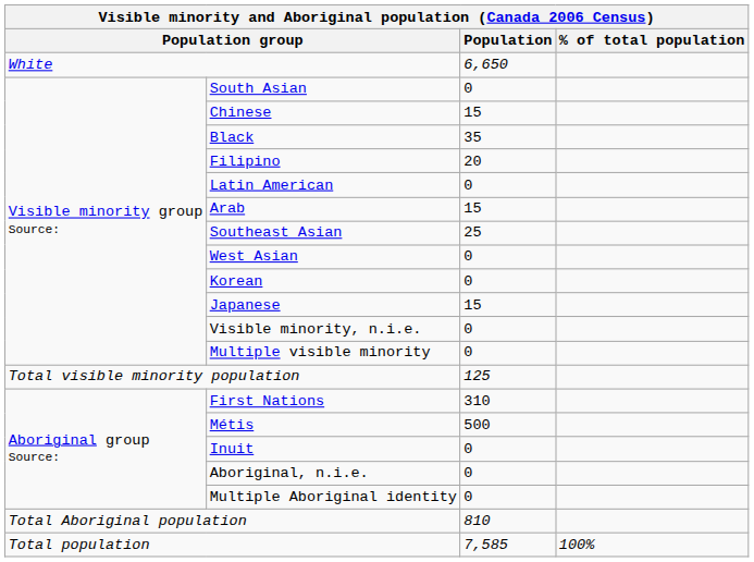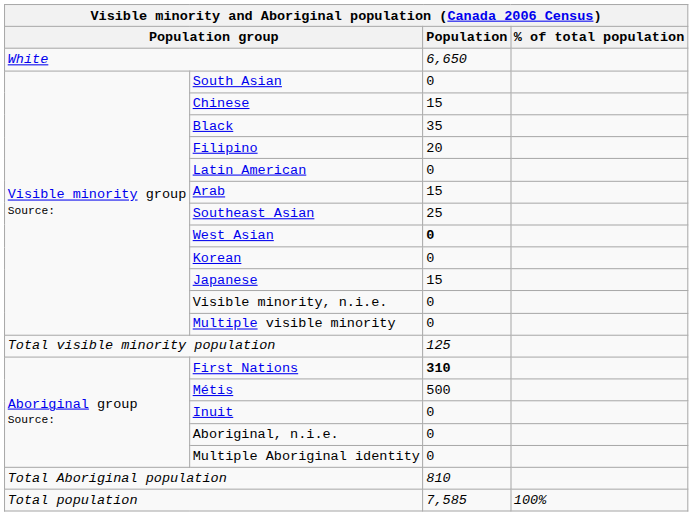 <table class="wikitable">
 <tr>
 <th colspan=4>Visible minority and Aboriginal population (<a href='#'>Canada 2006 Census</a>)</th>
 </tr>
 <tr>
 <th colspan=2>Population group</th>
 <th>Population</th>
 <th>% of total population</th>
 </tr>
 <tr>
 <td colspan=2><em><a href='#'>White</a></em></td>
 <td><em>6,650</em></td>
 <td><em></em></td>
 </tr>
 <tr>
 <td rowspan=12><a href='#'>Visible minority</a> group<br><small>Source:</small></td>
 <td><a href='#'>South Asian</a></td>
 <td>0</td>
 <td></td>
 </tr>
 <tr>
 <td><a href='#'>Chinese</a></td>
 <td>15</td>
 <td></td>
 </tr>
 <tr>
 <td><a href='#'>Black</a></td>
 <td>35</td>
 <td></td>
 </tr>
 <tr>
 <td><a href='#'>Filipino</a></td>
 <td>20</td>
 <td></td>
 </tr>
 <tr>
 <td><a href='#'>Latin American</a></td>
 <td>0</td>
 <td></td>
 </tr>
 <tr>
 <td><a href='#'>Arab</a></td>
 <td>15</td>
 <td></td>
 </tr>
 <tr>
 <td><a href='#'>Southeast Asian</a></td>
 <td>25</td>
 <td></td>
 </tr>
 <tr>
 <td><a href='#'>West Asian</a></td>
-<td>0</td>
+<td><strong>0</strong></td>
 <td></td>
 </tr>
 <tr>
 <td><a href='#'>Korean</a></td>
 <td>0</td>
 <td></td>
 </tr>
 <tr>
 <td><a href='#'>Japanese</a></td>
 <td>15</td>
 <td></td>
 </tr>
 <tr>
 <td>Visible minority, n.i.e.</td>
 <td>0</td>
 <td></td>
 </tr>
 <tr>
 <td><a href='#'>Multiple</a> visible minority</td>
 <td>0</td>
 <td></td>
 </tr>
 <tr>
 <td colspan=2><em>Total visible minority population</em></td>
 <td><em>125</em></td>
 <td><em></em></td>
 </tr>
 <tr>
 <td rowspan=5><a href='#'>Aboriginal</a> group<br><small>Source:</small></td>
 <td><a href='#'>First Nations</a></td>
-<td>310</td>
+<td><strong>310</strong></td>
 <td></td>
 </tr>
 <tr>
 <td><a href='#'>Métis</a></td>
 <td>500</td>
 <td></td>
 </tr>
 <tr>
 <td><a href='#'>Inuit</a></td>
 <td>0</td>
 <td></td>
 </tr>
 <tr>
 <td>Aboriginal, n.i.e.</td>
 <td>0</td>
 <td></td>
 </tr>
 <tr>
 <td>Multiple Aboriginal identity</td>
 <td>0</td>
 <td></td>
 </tr>
 <tr>
 <td colspan=2><em>Total Aboriginal population</em></td>
 <td><em>810</em></td>
 <td><em></em></td>
 </tr>
 <tr>
 <td colspan=2><em>Total population</em></td>
 <td><em>7,585</em></td>
 <td><em>100%</em></td>
 </tr>
 </table>
